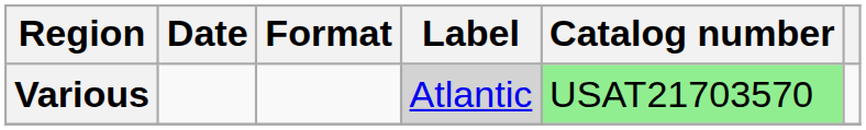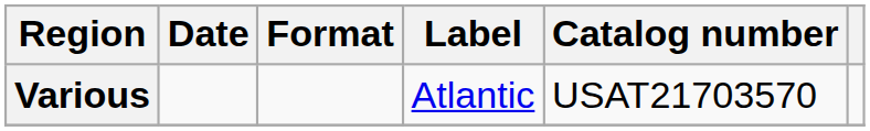 <table class="wikitable plainrowheaders">
 <tr>
 <th scope="col">Region</th>
 <th scope="col">Date</th>
 <th scope="col">Format</th>
 <th scope="col">Label</th>
 <th scope="col">Catalog number</th>
 <th scope="col"></th>
 </tr>
 <tr>
 <th scope="row">Various</th>
 <td></td>
 <td></td>
-<td style="background: lightgrey;"><a href='#'>Atlantic</a></td>
-<td style="background: lightgreen;">USAT21703570</td>
+<td><a href='#'>Atlantic</a></td>
+<td>USAT21703570</td>
 <td></td>
 </tr>
 <tr>
 </tr>
 </table>
